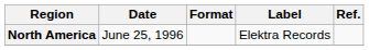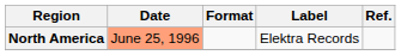 <table class="wikitable plainrowheaders">
 <tr>
 <th scope="col">Region</th>
 <th scope="col">Date</th>
 <th scope="col">Format</th>
 <th scope="col">Label</th>
 <th scope="col">Ref.</th>
 </tr>
 <tr>
 <th scope="row">North America</th>
-<td>June 25, 1996</td>
+<td style="background: lightsalmon;">June 25, 1996</td>
 <td></td>
 <td>Elektra Records</td>
 <td></td>
 </tr>
 <tr>
 </tr>
 </table>
